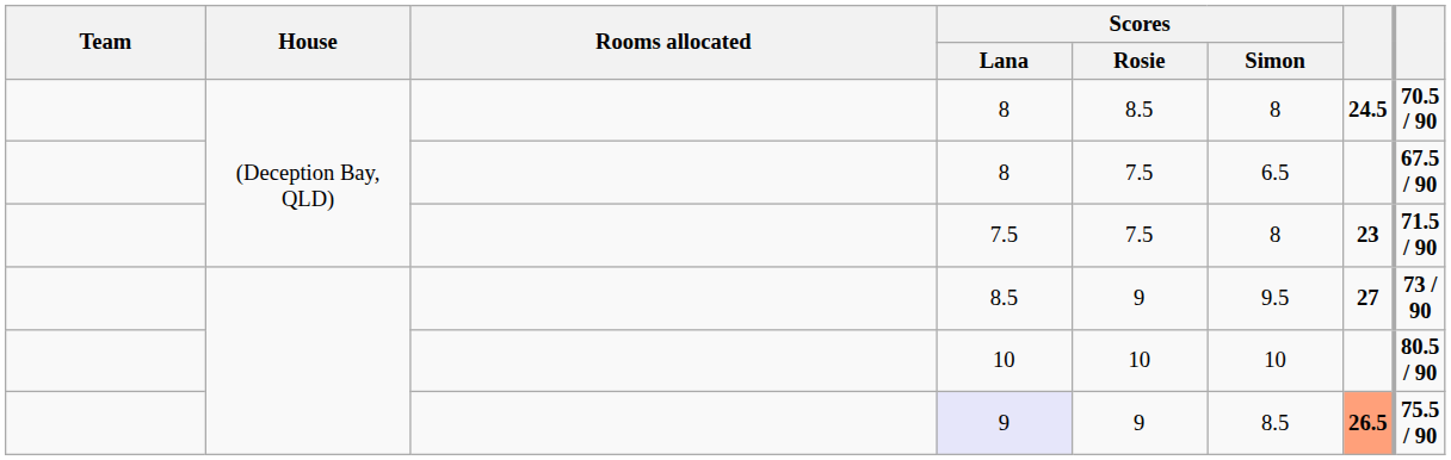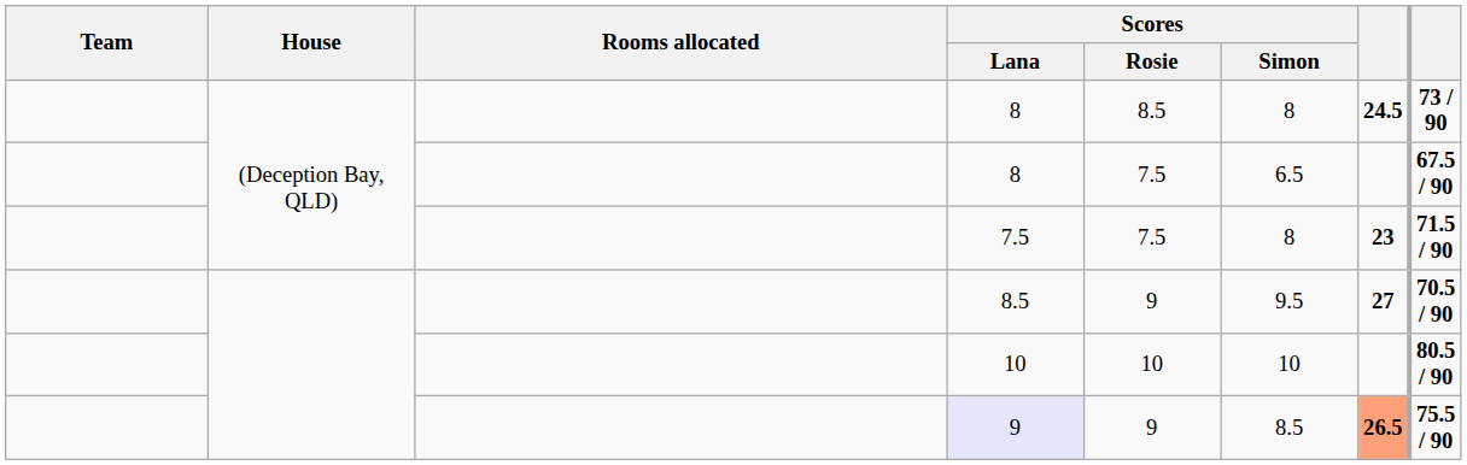 <table class="wikitable plainrowheaders" style="text-align:center; font-size:90%; width:65em;">
 <tr>
 <th rowspan="2">Team</th>
 <th rowspan="2">House</th>
 <th rowspan="2" style="width:40%;">Rooms allocated</th>
 <th colspan="3" style="width:30%;">Scores</th>
 <th rowspan="2" style="width:15%;"></th>
 <th rowspan="2" style="width:15%; border-left:3px solid #aaa;"></th>
 </tr>
 <tr>
 <th style="width:10%;">Lana</th>
 <th style="width:10%;">Rosie</th>
 <th style="width:10%;">Simon</th>
 </tr>
 <tr>
 <td style="width:15%;"></td>
 <td rowspan=3 style="width:15%;"><br>(Deception Bay, QLD)</td>
 <td></td>
 <td>8</td>
 <td>8.5</td>
 <td>8</td>
 <td><strong>24.5</strong></td>
-<td style="border-left:3px solid #aaa;"><strong> 70.5 / 90</strong></td>
+<td style="border-left:3px solid #aaa;"><strong> 73 / 90</strong></td>
 </tr>
 <tr>
 <td style="width:15%;"></td>
 <td></td>
 <td>8</td>
 <td>7.5</td>
 <td>6.5</td>
 <td></td>
 <td style="border-left:3px solid #aaa;"><strong> 67.5 / 90</strong></td>
 </tr>
 <tr>
 <td style="width:15%;"></td>
 <td></td>
 <td>7.5</td>
 <td>7.5</td>
 <td>8</td>
 <td><strong>23</strong></td>
 <td style="border-left:3px solid #aaa;"><strong> 71.5 / 90</strong></td>
 </tr>
 <tr>
 <td style="width:15%;"></td>
 <td rowspan=3 style="width:15%;"><br></td>
 <td></td>
 <td>8.5</td>
 <td>9</td>
 <td>9.5</td>
 <td><strong>27</strong></td>
-<td style="border-left:3px solid #aaa;"><strong> 73 / 90</strong></td>
+<td style="border-left:3px solid #aaa;"><strong> 70.5 / 90</strong></td>
 </tr>
 <tr>
 <td style="width:15%;"></td>
 <td></td>
 <td>10</td>
 <td>10</td>
 <td>10</td>
 <td></td>
 <td style="border-left:3px solid #aaa;"><strong> 80.5 / 90</strong></td>
 </tr>
 <tr>
 <td style="width:15%;"></td>
 <td></td>
 <td style="background: lavender;">9</td>
 <td>9</td>
 <td>8.5</td>
 <td style="background: lightsalmon;"><strong>26.5</strong></td>
 <td style="border-left:3px solid #aaa;"><strong> 75.5 / 90</strong></td>
 </tr>
 </table>
